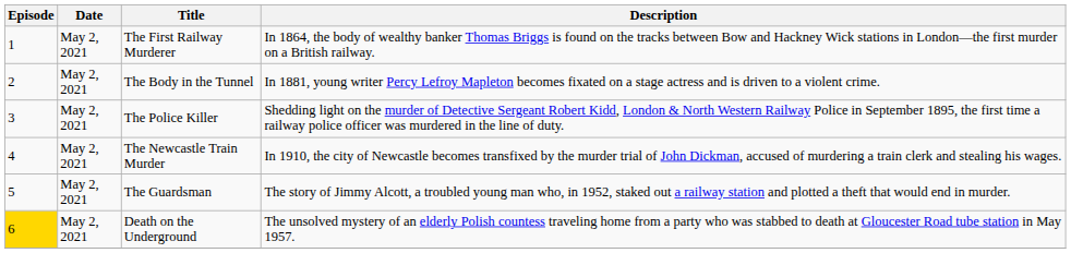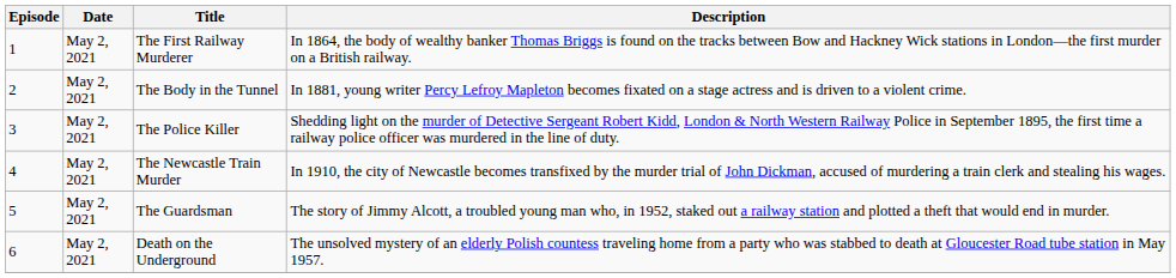 <table class="wikitable sortable">
 <tr>
 <th scope="col">Episode</th>
 <th scope="col">Date</th>
 <th scope="col">Title</th>
 <th scope="col" class="unsortable">Description</th>
 </tr>
 <tr>
 <td>1</td>
 <td>May 2, 2021</td>
 <td>The First Railway Murderer</td>
 <td>In 1864, the body of wealthy banker <a href='#'>Thomas Briggs</a> is found on the tracks between Bow and Hackney Wick stations in London—the first murder on a British railway.</td>
 </tr>
 <tr>
 <td>2</td>
 <td>May 2, 2021</td>
 <td>The Body in the Tunnel</td>
 <td>In 1881, young writer <a href='#'>Percy Lefroy Mapleton</a> becomes fixated on a stage actress and is driven to a violent crime.</td>
 </tr>
 <tr>
 <td>3</td>
 <td>May 2, 2021</td>
 <td>The Police Killer</td>
 <td>Shedding light on the <a href='#'>murder of Detective Sergeant Robert Kidd</a>, <a href='#'>London & North Western Railway</a> Police in September 1895, the first time a railway police officer was murdered in the line of duty.</td>
 </tr>
 <tr>
 <td>4</td>
 <td>May 2, 2021</td>
 <td>The Newcastle Train Murder</td>
 <td>In 1910, the city of Newcastle becomes transfixed by the murder trial of <a href='#'>John Dickman</a>, accused of murdering a train clerk and stealing his wages.</td>
 </tr>
 <tr>
 <td>5</td>
 <td>May 2, 2021</td>
 <td>The Guardsman</td>
 <td>The story of Jimmy Alcott, a troubled young man who, in 1952, staked out <a href='#'>a railway station</a> and plotted a theft that would end in murder.</td>
 </tr>
 <tr>
-<td style="background: gold;">6</td>
+<td>6</td>
 <td>May 2, 2021</td>
 <td>Death on the Underground</td>
 <td>The unsolved mystery of an <a href='#'>elderly Polish countess</a> traveling home from a party who was stabbed to death at <a href='#'>Gloucester Road tube station</a> in May 1957.</td>
 </tr>
 <tr>
 </tr>
 </table>
